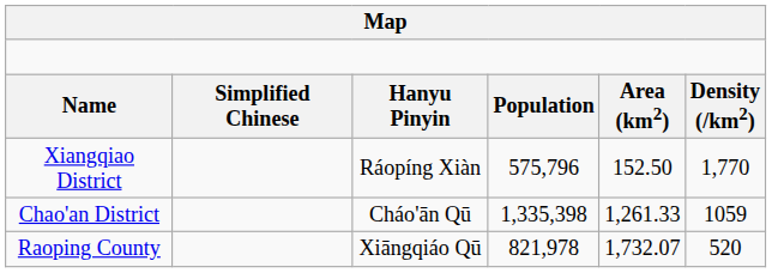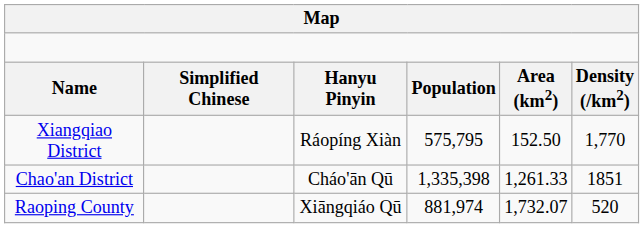 <table class="wikitable collapsible" style="margin:1em auto 1em auto; width:90%; text-align:center;">
 <tr>
 <th colspan="6">Map</th>
 </tr>
 <tr>
 <td colspan="6"><div><br>      </div></td>
 </tr>
 <tr>
 <th>Name</th>
 <th>Simplified Chinese</th>
 <th>Hanyu Pinyin</th>
 <th>Population<br></th>
 <th>Area<br>(km<sup>2</sup>)</th>
 <th>Density<br>(/km<sup>2</sup>)</th>
 </tr>
 <tr>
 <td><a href='#'>Xiangqiao District</a></td>
 <td></td>
 <td>Ráopíng Xiàn</td>
-<td>575,796</td>
+<td>575,795</td>
 <td>152.50</td>
 <td>1,770</td>
 </tr>
 <tr>
 <td><a href='#'>Chao'an District</a></td>
 <td></td>
 <td>Cháo'ān Qū</td>
 <td>1,335,398</td>
 <td>1,261.33</td>
-<td>1059</td>
+<td>1851</td>
 </tr>
 <tr>
 <td><a href='#'>Raoping County</a></td>
 <td></td>
 <td>Xiāngqiáo Qū</td>
-<td>821,978</td>
+<td>881,974</td>
 <td>1,732.07</td>
 <td>520</td>
 </tr>
 </table>
